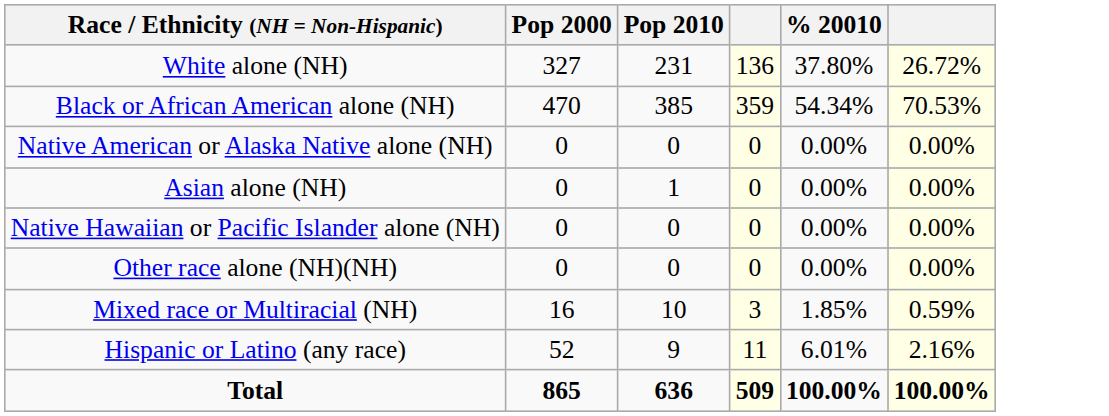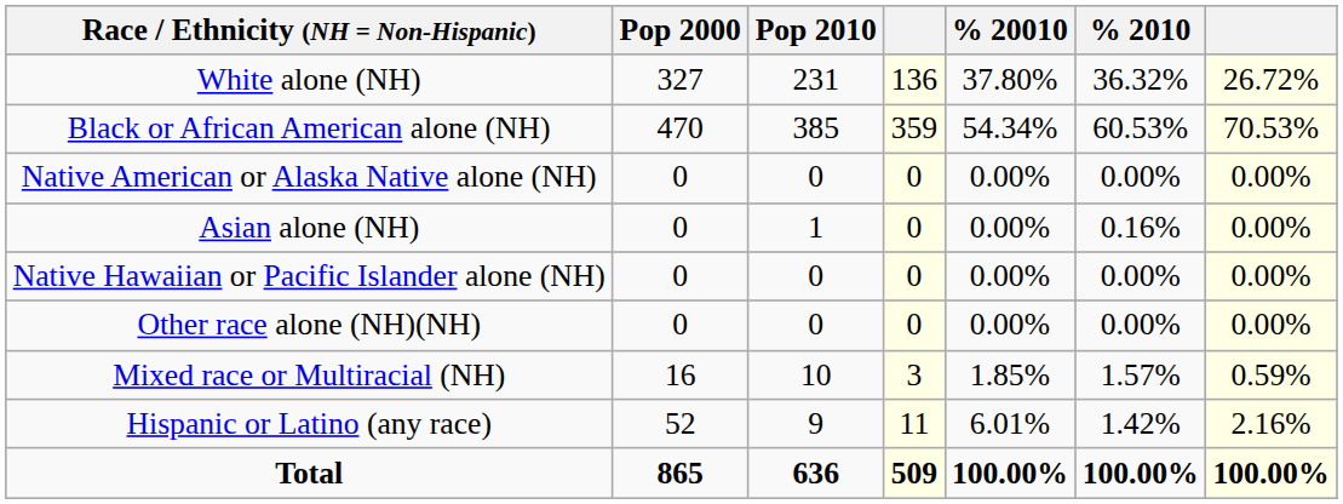 <table class="wikitable" style="text-align:center;">
 <tr>
 <th>Race / Ethnicity <small>(<em>NH = Non-Hispanic</em>)</small></th>
 <th>Pop 2000</th>
 <th>Pop 2010</th>
 <th></th>
 <th>% 20010</th>
+<th>% 2010</th>
 <th></th>
 </tr>
 <tr>
 <td><a href='#'>White</a> alone (NH)</td>
 <td>327</td>
 <td>231</td>
 <td style='background: #ffffe6;'>136</td>
 <td>37.80%</td>
+<td>36.32%</td>
 <td style='background: #ffffe6;'>26.72%</td>
 </tr>
 <tr>
 <td><a href='#'>Black or African American</a> alone (NH)</td>
 <td>470</td>
 <td>385</td>
 <td style='background: #ffffe6;'>359</td>
 <td>54.34%</td>
+<td>60.53%</td>
 <td style='background: #ffffe6;'>70.53%</td>
 </tr>
 <tr>
 <td><a href='#'>Native American</a> or <a href='#'>Alaska Native</a> alone (NH)</td>
 <td>0</td>
 <td>0</td>
 <td style='background: #ffffe6;'>0</td>
+<td>0.00%</td>
 <td>0.00%</td>
 <td style='background: #ffffe6;'>0.00%</td>
 </tr>
 <tr>
 <td><a href='#'>Asian</a> alone (NH)</td>
 <td>0</td>
 <td>1</td>
 <td style='background: #ffffe6;'>0</td>
 <td>0.00%</td>
+<td>0.16%</td>
 <td style='background: #ffffe6;'>0.00%</td>
 </tr>
 <tr>
 <td><a href='#'>Native Hawaiian</a> or <a href='#'>Pacific Islander</a> alone (NH)</td>
 <td>0</td>
 <td>0</td>
 <td style='background: #ffffe6;'>0</td>
+<td>0.00%</td>
 <td>0.00%</td>
 <td style='background: #ffffe6;'>0.00%</td>
 </tr>
 <tr>
 <td><a href='#'>Other race</a> alone (NH)(NH)</td>
 <td>0</td>
 <td>0</td>
 <td style='background: #ffffe6;'>0</td>
 <td>0.00%</td>
+<td>0.00%</td>
 <td style='background: #ffffe6;'>0.00%</td>
 </tr>
 <tr>
 <td><a href='#'>Mixed race or Multiracial</a> (NH)</td>
 <td>16</td>
 <td>10</td>
 <td style='background: #ffffe6;'>3</td>
 <td>1.85%</td>
+<td>1.57%</td>
 <td style='background: #ffffe6;'>0.59%</td>
 </tr>
 <tr>
 <td><a href='#'>Hispanic or Latino</a> (any race)</td>
 <td>52</td>
 <td>9</td>
 <td style='background: #ffffe6;'>11</td>
 <td>6.01%</td>
+<td>1.42%</td>
 <td style='background: #ffffe6;'>2.16%</td>
 </tr>
 <tr>
 <td><strong>Total</strong></td>
 <td><strong>865</strong></td>
 <td><strong>636</strong></td>
 <td style='background: #ffffe6;'><strong>509</strong></td>
 <td><strong>100.00%</strong></td>
+<td><strong>100.00%</strong></td>
 <td style='background: #ffffe6;'><strong>100.00%</strong></td>
 </tr>
 </table>
